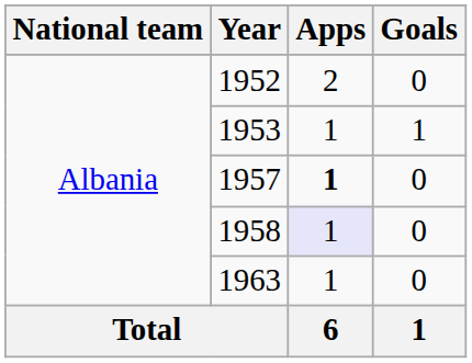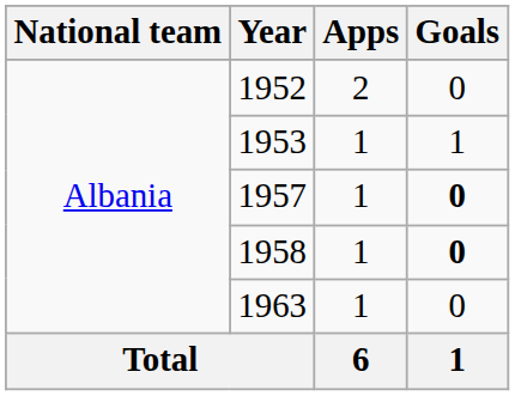 <table class=wikitable style="text-align: center;">
 <tr>
 <th>National team</th>
 <th>Year</th>
 <th>Apps</th>
 <th>Goals</th>
 </tr>
 <tr>
 <td rowspan=5><a href='#'>Albania</a></td>
 <td>1952</td>
 <td>2</td>
 <td>0</td>
 </tr>
 <tr>
 <td>1953</td>
 <td>1</td>
 <td>1</td>
 </tr>
 <tr>
 <td>1957</td>
-<td><strong>1</strong></td>
-<td>0</td>
+<td>1</td>
+<td><strong>0</strong></td>
 </tr>
 <tr>
 <td>1958</td>
-<td style="background: lavender;">1</td>
-<td>0</td>
+<td>1</td>
+<td><strong>0</strong></td>
 </tr>
 <tr>
 <td>1963</td>
 <td>1</td>
 <td>0</td>
 </tr>
 <tr>
 <th colspan=2>Total</th>
 <th>6</th>
 <th>1</th>
 </tr>
 </table>
